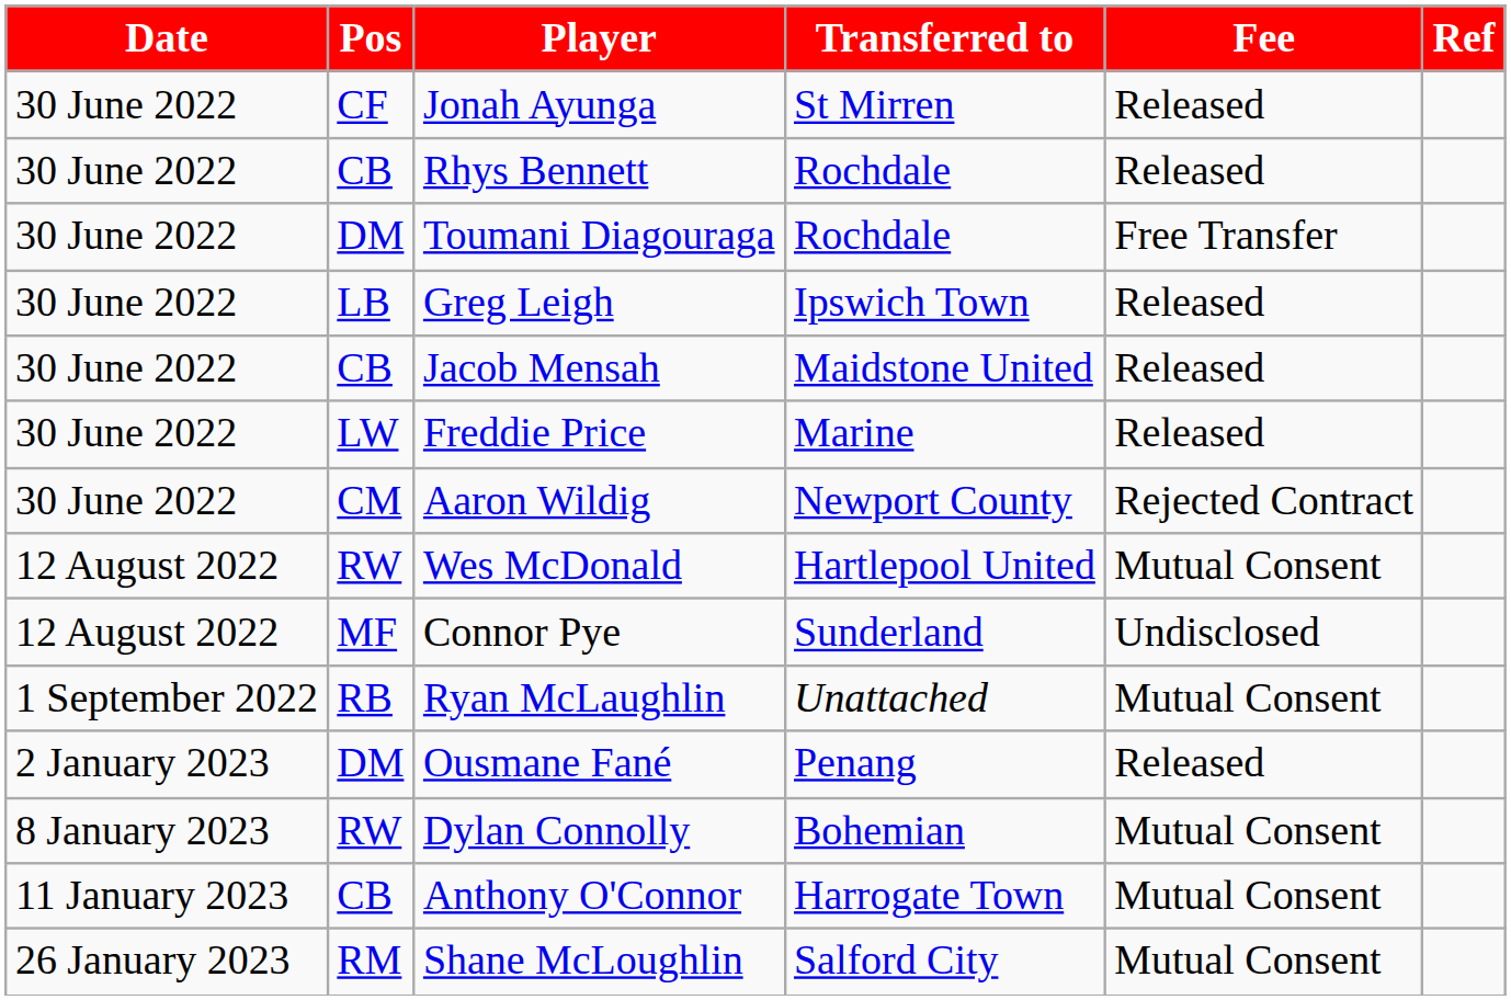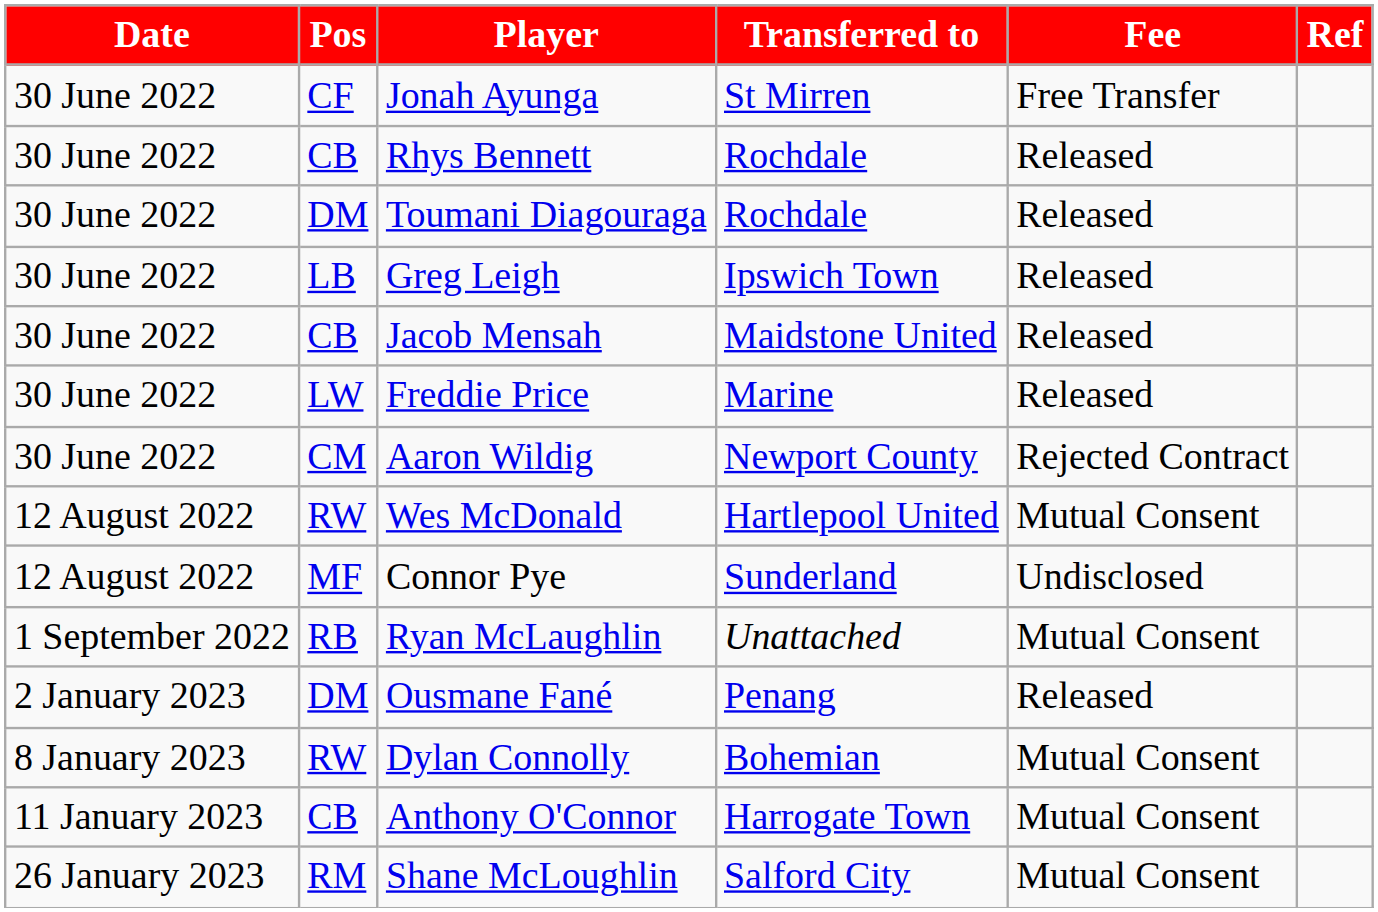 <table class="wikitable plainrowheaders sortable">
 <tr>
 <th style="background:#FF0000; color:#ffffff; ">Date</th>
 <th style="background:#FF0000; color:#ffffff; ">Pos</th>
 <th style="background:#FF0000; color:#ffffff; ">Player</th>
 <th style="background:#FF0000; color:#ffffff; ">Transferred to</th>
 <th style="background:#FF0000; color:#ffffff; ">Fee</th>
 <th style="background:#FF0000; color:#ffffff; ">Ref</th>
 </tr>
 <tr>
 <td>30 June 2022</td>
 <td><a href='#'>CF</a></td>
 <td> <a href='#'>Jonah Ayunga</a></td>
 <td> <a href='#'>St Mirren</a></td>
-<td>Released</td>
+<td>Free Transfer</td>
 <td></td>
 </tr>
 <tr>
 <td>30 June 2022</td>
 <td><a href='#'>CB</a></td>
 <td> <a href='#'>Rhys Bennett</a></td>
 <td> <a href='#'>Rochdale</a></td>
 <td>Released</td>
 <td></td>
 </tr>
 <tr>
 <td>30 June 2022</td>
 <td><a href='#'>DM</a></td>
 <td> <a href='#'>Toumani Diagouraga</a></td>
 <td> <a href='#'>Rochdale</a></td>
-<td>Free Transfer</td>
+<td>Released</td>
 <td></td>
 </tr>
 <tr>
 <td>30 June 2022</td>
 <td><a href='#'>LB</a></td>
 <td> <a href='#'>Greg Leigh</a></td>
 <td> <a href='#'>Ipswich Town</a></td>
 <td>Released</td>
 <td></td>
 </tr>
 <tr>
 <td>30 June 2022</td>
 <td><a href='#'>CB</a></td>
 <td> <a href='#'>Jacob Mensah</a></td>
 <td> <a href='#'>Maidstone United</a></td>
 <td>Released</td>
 <td></td>
 </tr>
 <tr>
 <td>30 June 2022</td>
 <td><a href='#'>LW</a></td>
 <td> <a href='#'>Freddie Price</a></td>
 <td> <a href='#'>Marine</a></td>
 <td>Released</td>
 <td></td>
 </tr>
 <tr>
 <td>30 June 2022</td>
 <td><a href='#'>CM</a></td>
 <td> <a href='#'>Aaron Wildig</a></td>
 <td> <a href='#'>Newport County</a></td>
 <td>Rejected Contract</td>
 <td></td>
 </tr>
 <tr>
 <td>12 August 2022</td>
 <td><a href='#'>RW</a></td>
 <td> <a href='#'>Wes McDonald</a></td>
 <td> <a href='#'>Hartlepool United</a></td>
 <td>Mutual Consent</td>
 <td></td>
 </tr>
 <tr>
 <td>12 August 2022</td>
 <td><a href='#'>MF</a></td>
 <td> Connor Pye</td>
 <td> <a href='#'>Sunderland</a></td>
 <td>Undisclosed</td>
 <td></td>
 </tr>
 <tr>
 <td>1 September 2022</td>
 <td><a href='#'>RB</a></td>
 <td> <a href='#'>Ryan McLaughlin</a></td>
 <td> <em>Unattached</em></td>
 <td>Mutual Consent</td>
 <td></td>
 </tr>
 <tr>
 <td>2 January 2023</td>
 <td><a href='#'>DM</a></td>
 <td> <a href='#'>Ousmane Fané</a></td>
 <td> <a href='#'>Penang</a></td>
 <td>Released</td>
 <td></td>
 </tr>
 <tr>
 <td>8 January 2023</td>
 <td><a href='#'>RW</a></td>
 <td> <a href='#'>Dylan Connolly</a></td>
 <td> <a href='#'>Bohemian</a></td>
 <td>Mutual Consent</td>
 <td></td>
 </tr>
 <tr>
 <td>11 January 2023</td>
 <td><a href='#'>CB</a></td>
 <td> <a href='#'>Anthony O'Connor</a></td>
 <td> <a href='#'>Harrogate Town</a></td>
 <td>Mutual Consent</td>
 <td></td>
 </tr>
 <tr>
 <td>26 January 2023</td>
 <td><a href='#'>RM</a></td>
 <td> <a href='#'>Shane McLoughlin</a></td>
 <td> <a href='#'>Salford City</a></td>
 <td>Mutual Consent</td>
 <td></td>
 </tr>
 </table>
